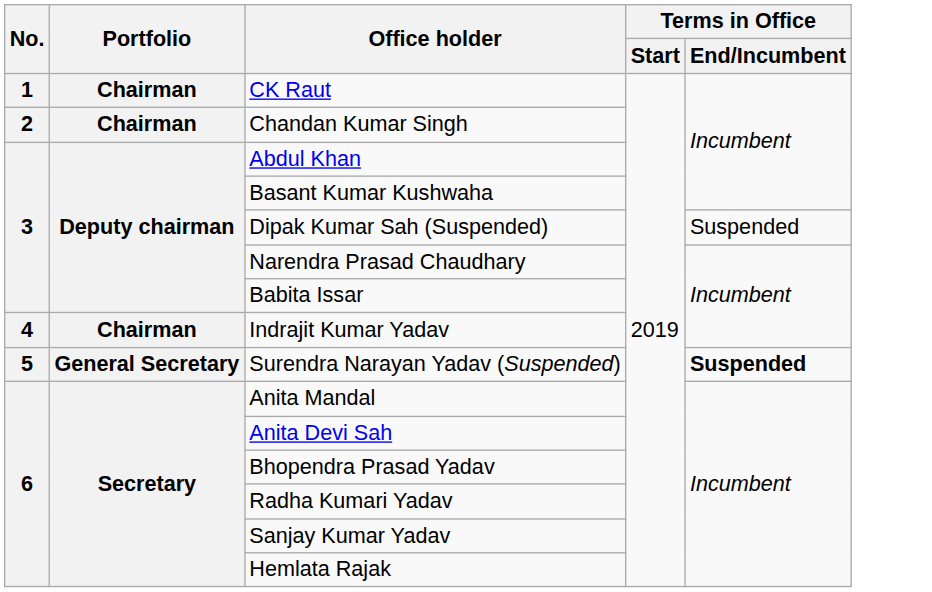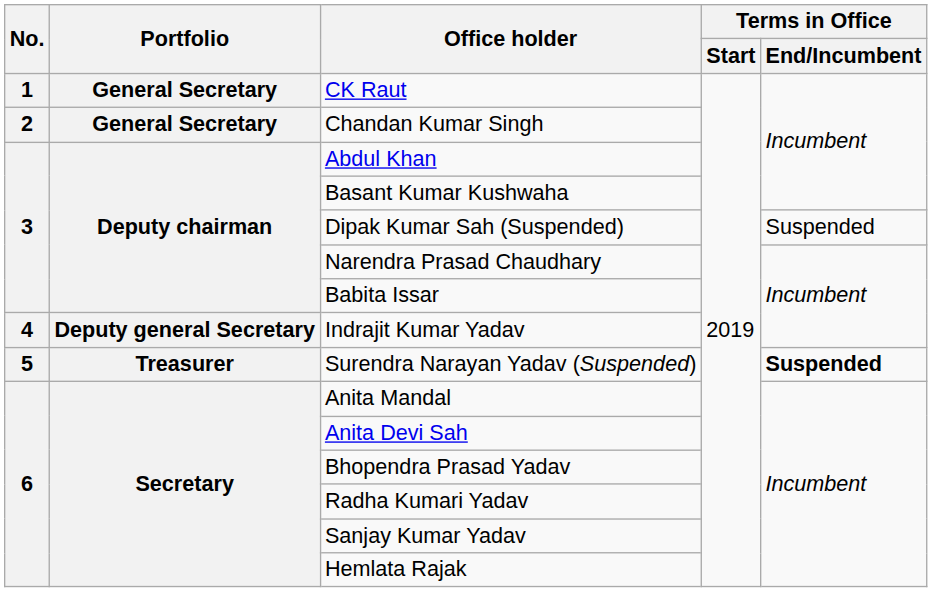 <table class="wikitable">
 <tr>
 <th rowspan="2" style="background-color:">No.</th>
 <th rowspan="2" style="background-color:">Portfolio</th>
 <th rowspan="2" style="background-color:">Office holder</th>
 <th colspan="2" style="background-color:">Terms in Office</th>
 </tr>
 <tr>
 <th style="background-color:">Start</th>
 <th style="background-color:">End/Incumbent</th>
 </tr>
 <tr>
 <th>1</th>
-<th>Chairman</th>
+<th>General Secretary</th>
 <td><a href='#'>CK Raut</a></td>
 <td rowspan="15">2019</td>
 <td rowspan="4"><em>Incumbent</em></td>
 </tr>
 <tr>
 <th>2</th>
-<th>Chairman</th>
+<th>General Secretary</th>
 <td>Chandan Kumar Singh</td>
 </tr>
 <tr>
 <th rowspan="5">3</th>
 <th rowspan="5">Deputy chairman</th>
 <td><a href='#'>Abdul Khan</a></td>
 </tr>
 <tr>
 <td>Basant Kumar Kushwaha</td>
 </tr>
 <tr>
 <td>Dipak Kumar Sah (Suspended)</td>
 <td>Suspended</td>
 </tr>
 <tr>
 <td>Narendra Prasad Chaudhary</td>
 <td rowspan="3"><em>Incumbent</em></td>
 </tr>
 <tr>
 <td>Babita Issar</td>
 </tr>
 <tr>
 <th>4</th>
-<th>Chairman</th>
+<th>Deputy general Secretary</th>
 <td>Indrajit Kumar Yadav</td>
 </tr>
 <tr>
 <th>5</th>
-<th>General Secretary</th>
+<th>Treasurer</th>
 <td>Surendra Narayan Yadav (<em>Suspended</em>)</td>
 <td><strong>Suspended</strong></td>
 </tr>
 <tr>
 <th rowspan="6">6</th>
 <th rowspan="6">Secretary</th>
 <td>Anita Mandal</td>
 <td rowspan="6"><em>Incumbent</em></td>
 </tr>
 <tr>
 <td><a href='#'>Anita Devi Sah</a></td>
 </tr>
 <tr>
 <td>Bhopendra Prasad Yadav</td>
 </tr>
 <tr>
 <td>Radha Kumari Yadav</td>
 </tr>
 <tr>
 <td>Sanjay Kumar Yadav</td>
 </tr>
 <tr>
 <td>Hemlata Rajak</td>
 </tr>
 </table>
